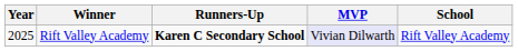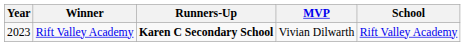 <table class="wikitable">
 <tr>
 <th>Year</th>
 <th>Winner</th>
 <th>Runners-Up</th>
 <th><a href='#'>MVP</a></th>
 <th>School</th>
 </tr>
 <tr>
-<td>2025</td>
+<td>2023</td>
 <td><a href='#'>Rift Valley Academy</a></td>
 <td><strong>Karen C Secondary School</strong></td>
-<td style="background: lavender;">Vivian Dilwarth</td>
+<td>Vivian Dilwarth</td>
 <td><a href='#'>Rift Valley Academy</a></td>
 </tr>
 </table>
